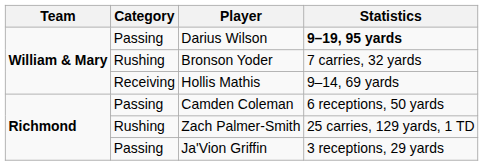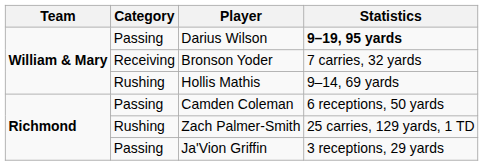 <table class="wikitable" style="float: right;">
 <tr>
 <th>Team</th>
 <th>Category</th>
 <th>Player</th>
 <th>Statistics</th>
 </tr>
 <tr>
 <td rowspan=3><strong>William & Mary</strong></td>
 <td>Passing</td>
 <td>Darius Wilson</td>
 <td><strong>9–19, 95 yards</strong></td>
 </tr>
 <tr>
-<td>Rushing</td>
+<td>Receiving</td>
 <td>Bronson Yoder</td>
 <td>7 carries, 32 yards</td>
 </tr>
 <tr>
-<td>Receiving</td>
+<td>Rushing</td>
 <td>Hollis Mathis</td>
 <td>9–14, 69 yards</td>
 </tr>
 <tr>
 <td rowspan=3><strong>Richmond</strong></td>
 <td>Passing</td>
 <td>Camden Coleman</td>
 <td>6 receptions, 50 yards</td>
 </tr>
 <tr>
 <td>Rushing</td>
 <td>Zach Palmer-Smith</td>
 <td>25 carries, 129 yards, 1 TD</td>
 </tr>
 <tr>
 <td>Passing</td>
 <td>Ja'Vion Griffin</td>
 <td>3 receptions, 29 yards</td>
 </tr>
 </table>
